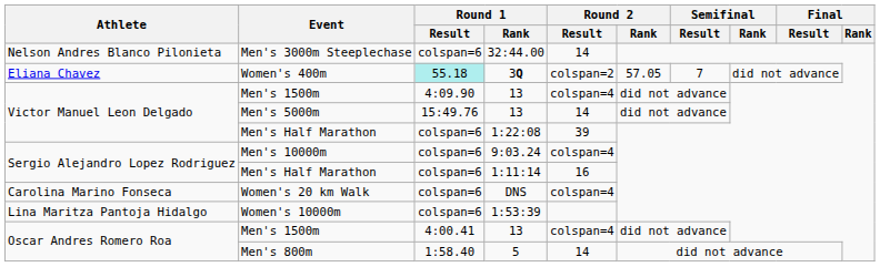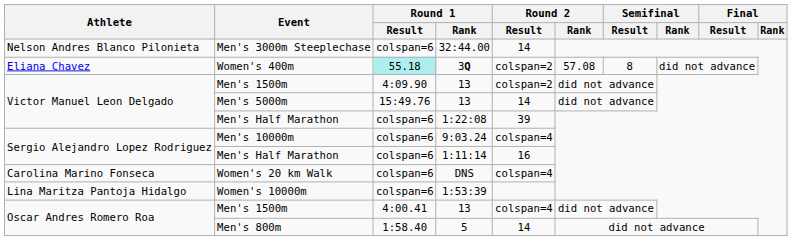 <table class="wikitable" style="font-size:90%">
 <tr>
 <th rowspan="2">Athlete</th>
 <th rowspan="2">Event</th>
 <th colspan="2">Round 1</th>
 <th colspan="2">Round 2</th>
 <th colspan="2">Semifinal</th>
 <th colspan="2">Final</th>
 </tr>
 <tr style="font-size:95%">
 <th>Result</th>
 <th>Rank</th>
 <th>Result</th>
 <th>Rank</th>
 <th>Result</th>
 <th>Rank</th>
 <th>Result</th>
 <th>Rank</th>
 </tr>
 <tr align=center>
 <td align=left>Nelson Andres Blanco Pilonieta</td>
 <td align=left>Men's 3000m Steeplechase</td>
 <td>colspan=6 </td>
 <td>32:44.00</td>
 <td>14</td>
 </tr>
 <tr align=center>
 <td align=left><a href='#'>Eliana Chavez</a></td>
 <td align=left>Women's 400m</td>
 <td style="background: paleturquoise;">55.18</td>
 <td>3<strong>Q</strong></td>
 <td>colspan=2 </td>
-<td>57.05</td>
-<td>7</td>
+<td>57.08</td>
+<td>8</td>
 <td colspan=2>did not advance</td>
 </tr>
 <tr align=center>
 <td align=left rowspan=3>Victor Manuel Leon Delgado</td>
 <td align=left>Men's 1500m</td>
 <td>4:09.90</td>
 <td>13</td>
-<td>colspan=4 </td>
+<td>colspan=2 </td>
 <td colspan=2>did not advance</td>
 </tr>
 <tr align=center>
 <td align=left>Men's 5000m</td>
 <td>15:49.76</td>
 <td>13</td>
 <td>14</td>
 <td colspan=2>did not advance</td>
 </tr>
 <tr align=center>
 <td align=left>Men's Half Marathon</td>
 <td>colspan=6 </td>
 <td>1:22:08</td>
 <td>39</td>
 </tr>
 <tr align=center>
 <td align=left rowspan=2>Sergio Alejandro Lopez Rodriguez</td>
 <td align=left>Men's 10000m</td>
 <td>colspan=6 </td>
 <td>9:03.24</td>
 <td>colspan=4 </td>
 </tr>
 <tr align=center>
 <td align=left>Men's Half Marathon</td>
 <td>colspan=6 </td>
 <td>1:11:14</td>
 <td>16</td>
 </tr>
 <tr align=center>
 <td align=left>Carolina Marino Fonseca</td>
 <td align=left>Women's 20 km Walk</td>
 <td>colspan=6 </td>
 <td>DNS</td>
 <td>colspan=4 </td>
 </tr>
 <tr align=center>
 <td align=left>Lina Maritza Pantoja Hidalgo</td>
 <td align=left>Women's 10000m</td>
 <td>colspan=6 </td>
 <td>1:53:39</td>
 <td></td>
 </tr>
 <tr align=center>
 <td align=left rowspan=2>Oscar Andres Romero Roa</td>
 <td align=left>Men's 1500m</td>
 <td>4:00.41</td>
 <td>13</td>
 <td>colspan=4 </td>
 <td colspan=2>did not advance</td>
 </tr>
 <tr align=center>
 <td align=left>Men's 800m</td>
 <td>1:58.40</td>
 <td>5</td>
 <td>14</td>
 <td colspan=4>did not advance</td>
 </tr>
 </table>
